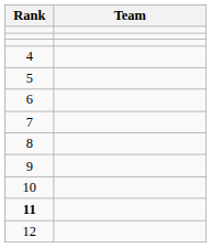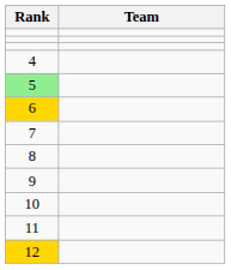 <table class="wikitable" style="text-align: center">
 <tr>
 <th width=50>Rank</th>
 <th width=170>Team</th>
 </tr>
 <tr>
 <td></td>
 <td align=left></td>
 </tr>
 <tr>
 <td></td>
 <td align=left></td>
 </tr>
 <tr>
 <td></td>
 <td align=left></td>
 </tr>
 <tr>
 <td>4</td>
 <td align=left></td>
 </tr>
 <tr>
-<td>5</td>
+<td style="background: lightgreen;">5</td>
 <td align=left></td>
 </tr>
 <tr>
-<td>6</td>
+<td style="background: gold;">6</td>
 <td align=left></td>
 </tr>
 <tr>
 <td>7</td>
 <td align=left></td>
 </tr>
 <tr>
 <td>8</td>
 <td align=left></td>
 </tr>
 <tr>
 <td>9</td>
 <td align=left></td>
 </tr>
 <tr>
 <td>10</td>
 <td align=left></td>
 </tr>
 <tr>
-<td><strong>11</strong></td>
+<td>11</td>
 <td align=left></td>
 </tr>
 <tr>
-<td>12</td>
+<td style="background: gold;">12</td>
 <td align=left></td>
 </tr>
 </table>
